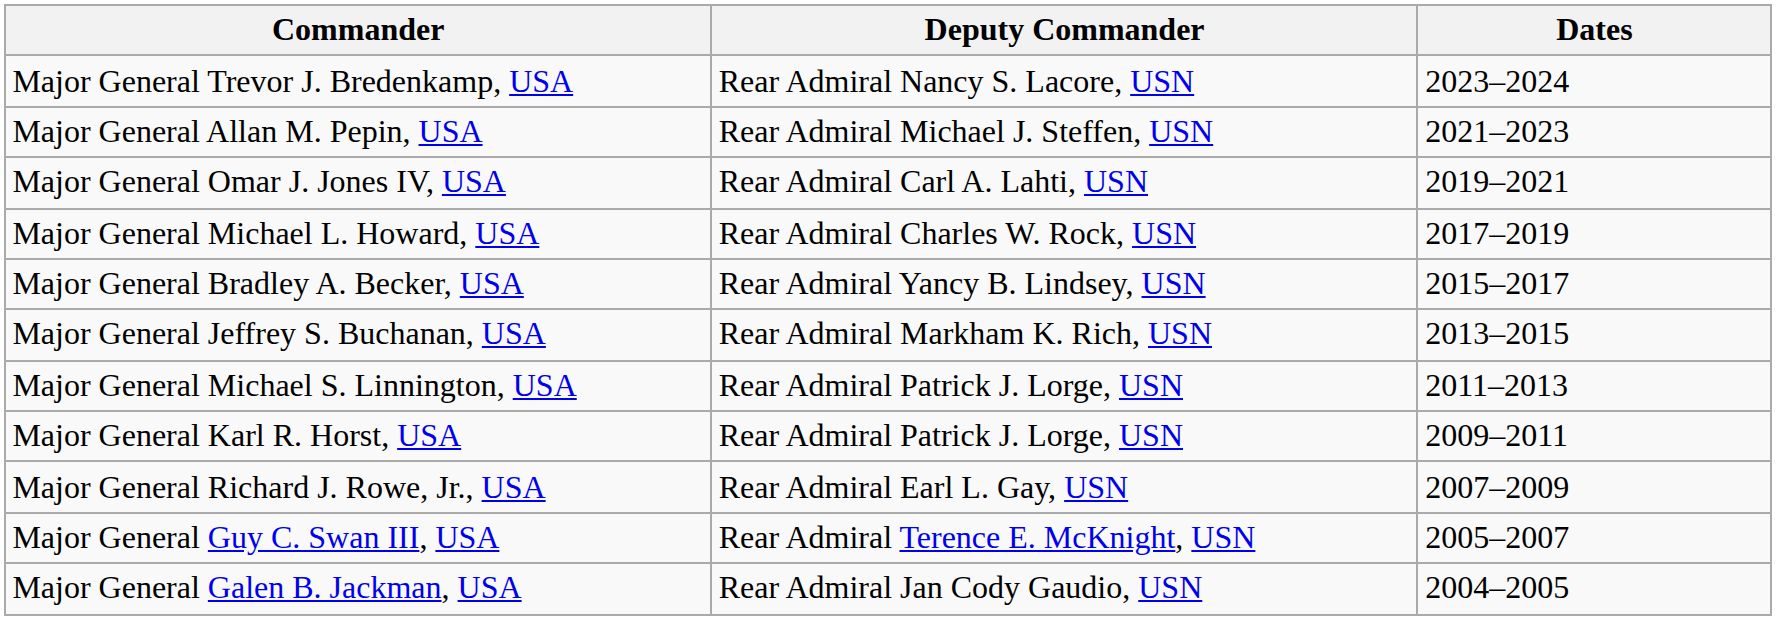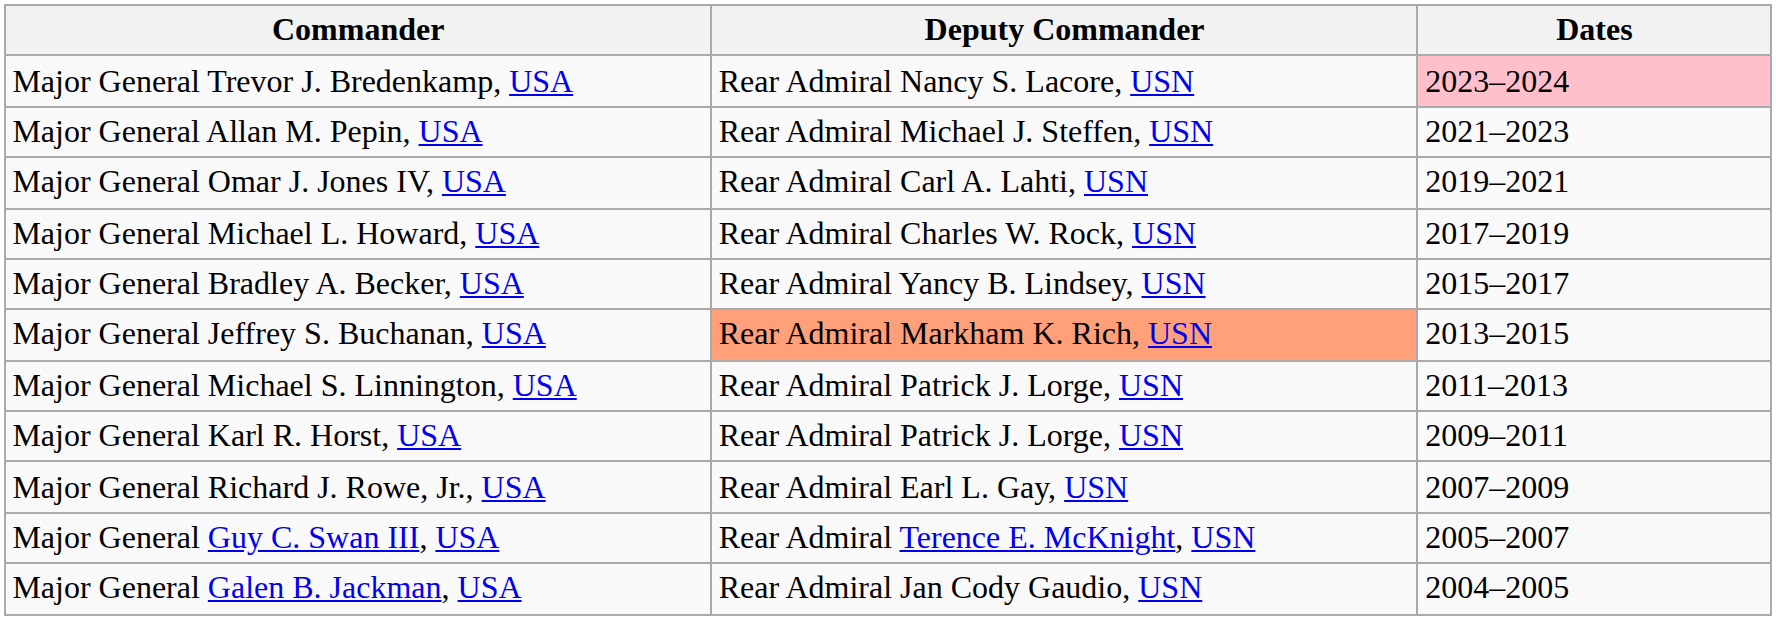 <table class="wikitable" style="width:100%">
 <tr size=125%>
 </tr>
 <tr align=center bgcolor=Asparagus>
 <th width=40%>Commander</th>
 <th width=40%>Deputy Commander</th>
 <th width=20%>Dates</th>
 </tr>
 <tr>
 <td>Major General Trevor J. Bredenkamp, <a href='#'>USA</a></td>
 <td>Rear Admiral Nancy S. Lacore, <a href='#'>USN</a></td>
-<td>2023–2024</td>
+<td style="background: pink;">2023–2024</td>
 </tr>
 <tr>
 <td>Major General Allan M. Pepin, <a href='#'>USA</a></td>
 <td>Rear Admiral Michael J. Steffen, <a href='#'>USN</a></td>
 <td>2021–2023</td>
 </tr>
 <tr>
 <td>Major General Omar J. Jones IV, <a href='#'>USA</a></td>
 <td>Rear Admiral Carl A. Lahti, <a href='#'>USN</a></td>
 <td>2019–2021</td>
 </tr>
 <tr>
 <td>Major General Michael L. Howard, <a href='#'>USA</a></td>
 <td>Rear Admiral Charles W. Rock, <a href='#'>USN</a></td>
 <td>2017–2019</td>
 </tr>
 <tr>
 <td>Major General Bradley A. Becker, <a href='#'>USA</a></td>
 <td>Rear Admiral Yancy B. Lindsey, <a href='#'>USN</a></td>
 <td>2015–2017</td>
 </tr>
 <tr>
 <td>Major General Jeffrey S. Buchanan, <a href='#'>USA</a></td>
-<td>Rear Admiral Markham K. Rich, <a href='#'>USN</a></td>
+<td style="background: lightsalmon;">Rear Admiral Markham K. Rich, <a href='#'>USN</a></td>
 <td>2013–2015</td>
 </tr>
 <tr>
 <td>Major General Michael S. Linnington, <a href='#'>USA</a></td>
 <td>Rear Admiral Patrick J. Lorge, <a href='#'>USN</a></td>
 <td>2011–2013</td>
 </tr>
 <tr>
 <td>Major General Karl R. Horst, <a href='#'>USA</a></td>
 <td>Rear Admiral Patrick J. Lorge, <a href='#'>USN</a></td>
 <td>2009–2011</td>
 </tr>
 <tr>
 <td>Major General Richard J. Rowe, Jr., <a href='#'>USA</a></td>
 <td>Rear Admiral Earl L. Gay, <a href='#'>USN</a></td>
 <td>2007–2009</td>
 </tr>
 <tr>
 <td>Major General <a href='#'>Guy C. Swan III</a>, <a href='#'>USA</a></td>
 <td>Rear Admiral <a href='#'>Terence E. McKnight</a>, <a href='#'>USN</a></td>
 <td>2005–2007</td>
 </tr>
 <tr>
 <td>Major General <a href='#'>Galen B. Jackman</a>, <a href='#'>USA</a></td>
 <td>Rear Admiral Jan Cody Gaudio, <a href='#'>USN</a></td>
 <td>2004–2005</td>
 </tr>
 </table>
